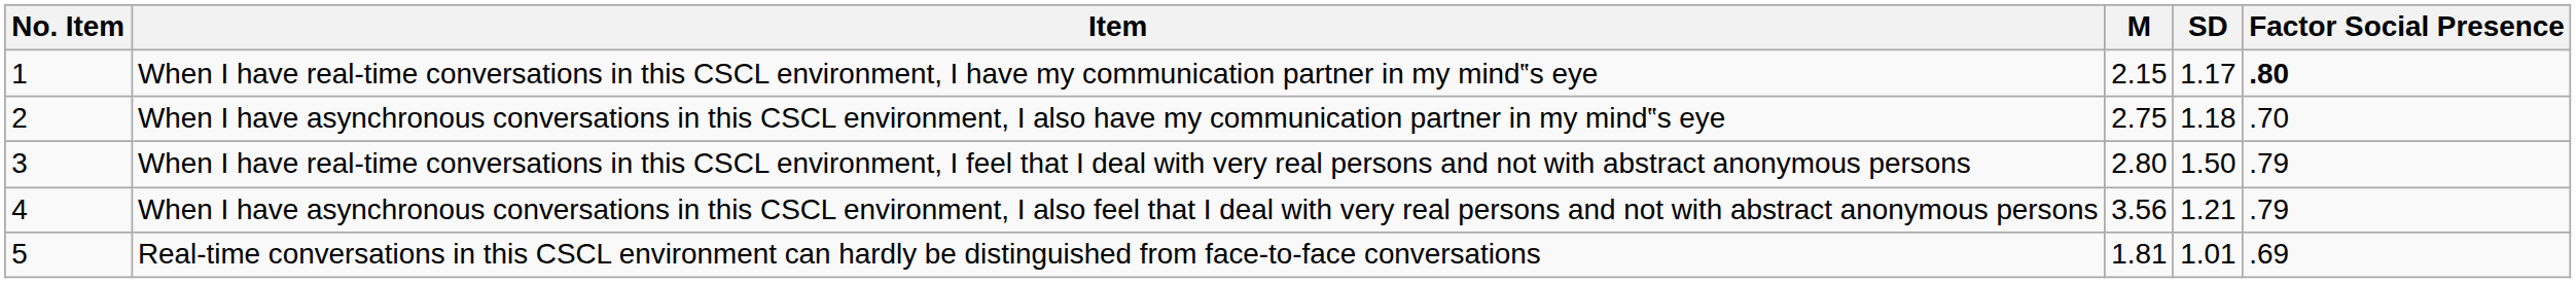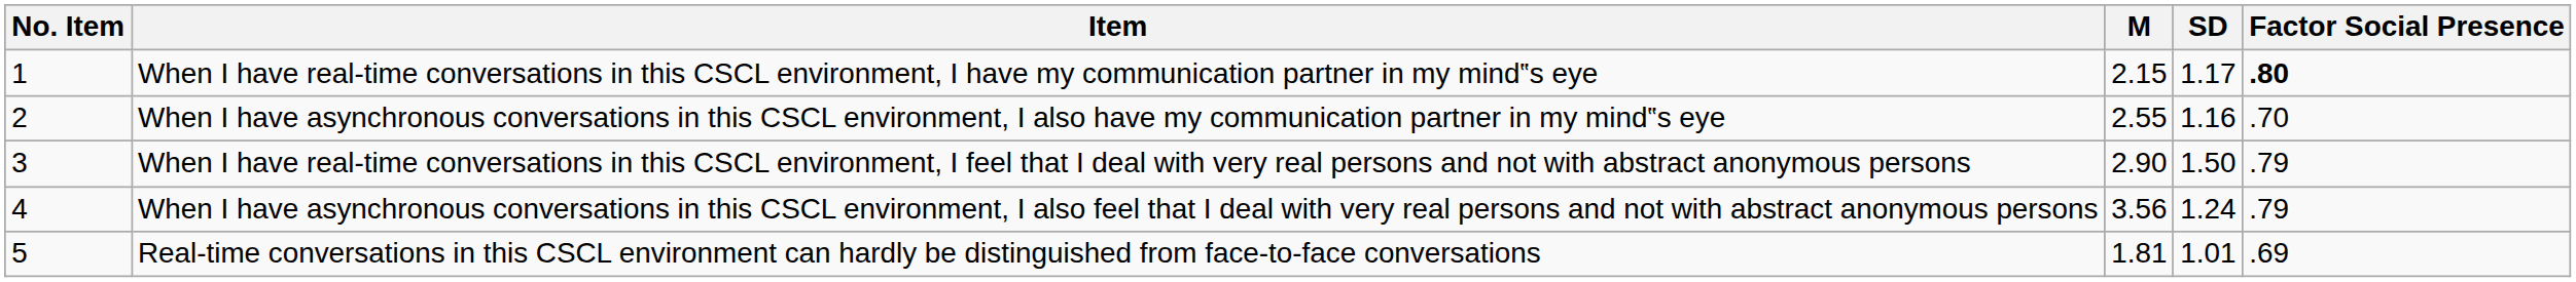 <table class="wikitable">
 <tr>
 <th>No. Item</th>
 <th>Item</th>
 <th>M</th>
 <th>SD</th>
 <th>Factor Social Presence</th>
 </tr>
 <tr>
 <td>1</td>
 <td>When I have real-time conversations in this CSCL environment, I have my communication partner in my mind‟s eye</td>
 <td>2.15</td>
 <td>1.17</td>
 <td><strong>.80</strong></td>
 </tr>
 <tr>
 <td>2</td>
 <td>When I have asynchronous conversations in this CSCL environment, I also have my communication partner in my mind‟s eye</td>
-<td>2.75</td>
-<td>1.18</td>
+<td>2.55</td>
+<td>1.16</td>
 <td>.70</td>
 </tr>
 <tr>
 <td>3</td>
 <td>When I have real-time conversations in this CSCL environment, I feel that I deal with very real persons and not with abstract anonymous persons</td>
-<td>2.80</td>
+<td>2.90</td>
 <td>1.50</td>
 <td>.79</td>
 </tr>
 <tr>
 <td>4</td>
 <td>When I have asynchronous conversations in this CSCL environment, I also feel that I deal with very real persons and not with abstract anonymous persons</td>
 <td>3.56</td>
-<td>1.21</td>
+<td>1.24</td>
 <td>.79</td>
 </tr>
 <tr>
 <td>5</td>
 <td>Real-time conversations in this CSCL environment can hardly be distinguished from face-to-face conversations</td>
 <td>1.81</td>
 <td>1.01</td>
 <td>.69</td>
 </tr>
 </table>
